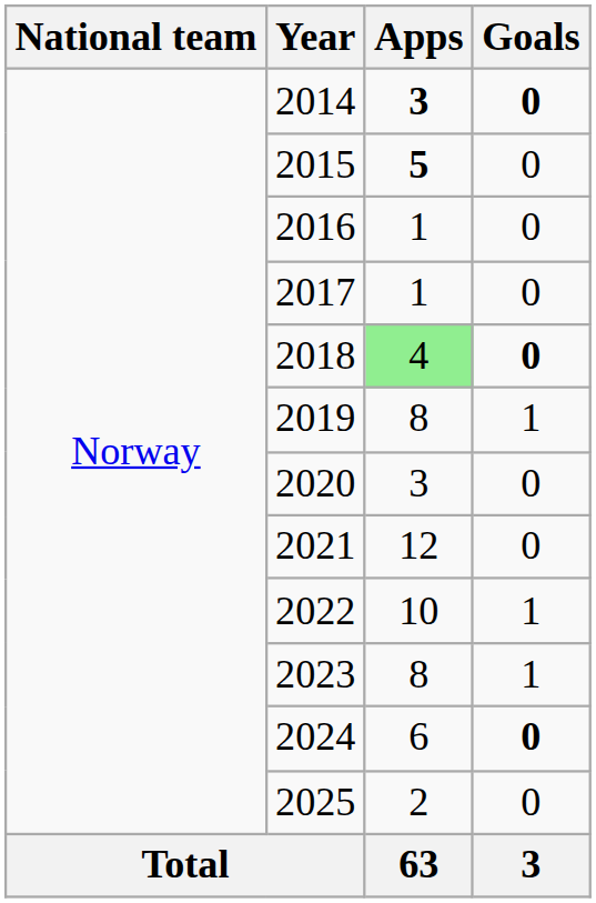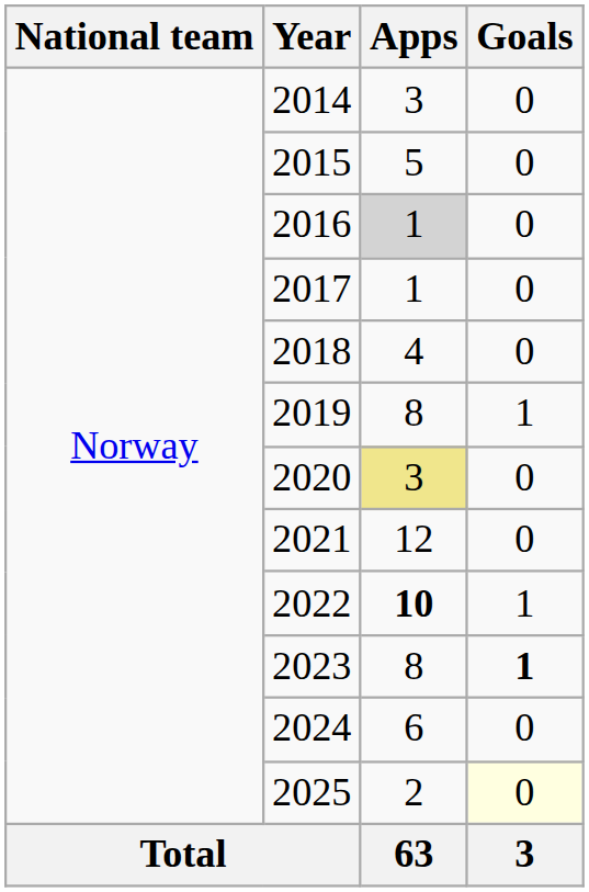 <table class="wikitable" style="text-align: center;">
 <tr>
 <th>National team</th>
 <th>Year</th>
 <th>Apps</th>
 <th>Goals</th>
 </tr>
 <tr>
 <td rowspan="12"><a href='#'>Norway</a></td>
 <td>2014</td>
-<td><strong>3</strong></td>
-<td><strong>0</strong></td>
+<td>3</td>
+<td>0</td>
 </tr>
 <tr>
 <td>2015</td>
-<td><strong>5</strong></td>
+<td>5</td>
 <td>0</td>
 </tr>
 <tr>
 <td>2016</td>
-<td>1</td>
+<td style="background: lightgrey;">1</td>
 <td>0</td>
 </tr>
 <tr>
 <td>2017</td>
 <td>1</td>
 <td>0</td>
 </tr>
 <tr>
 <td>2018</td>
-<td style="background: lightgreen;">4</td>
-<td><strong>0</strong></td>
+<td>4</td>
+<td>0</td>
 </tr>
 <tr>
 <td>2019</td>
 <td>8</td>
 <td>1</td>
 </tr>
 <tr>
 <td>2020</td>
-<td>3</td>
+<td style="background: khaki;">3</td>
 <td>0</td>
 </tr>
 <tr>
 <td>2021</td>
 <td>12</td>
 <td>0</td>
 </tr>
 <tr>
 <td>2022</td>
-<td>10</td>
+<td><strong>10</strong></td>
 <td>1</td>
 </tr>
 <tr>
 <td>2023</td>
 <td>8</td>
-<td>1</td>
+<td><strong>1</strong></td>
 </tr>
 <tr>
 <td>2024</td>
 <td>6</td>
-<td><strong>0</strong></td>
+<td>0</td>
 </tr>
 <tr>
 <td>2025</td>
 <td>2</td>
-<td>0</td>
+<td style="background: lightyellow;">0</td>
 </tr>
 <tr>
 <th colspan="2">Total</th>
 <th>63</th>
 <th>3</th>
 </tr>
 </table>
